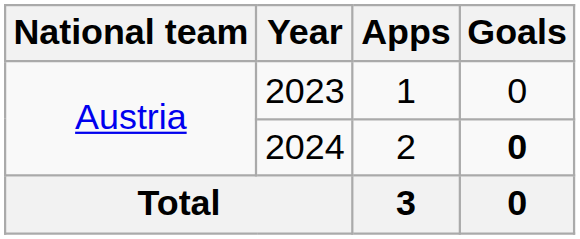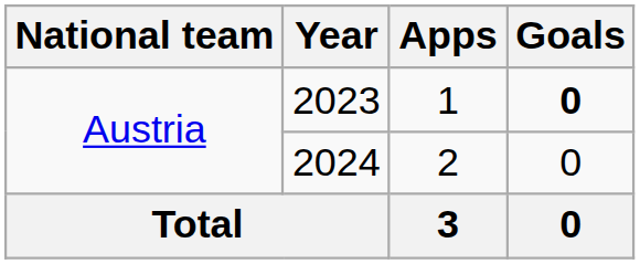 <table class=wikitable style=text-align:center>
 <tr>
 <th>National team</th>
 <th>Year</th>
 <th>Apps</th>
 <th>Goals</th>
 </tr>
 <tr>
 <td rowspan=2><a href='#'>Austria</a></td>
 <td>2023</td>
 <td>1</td>
-<td>0</td>
+<td><strong>0</strong></td>
 </tr>
 <tr>
 <td>2024</td>
 <td>2</td>
-<td><strong>0</strong></td>
+<td>0</td>
 </tr>
 <tr>
 <th colspan=2>Total</th>
 <th>3</th>
 <th>0</th>
 </tr>
 </table>
